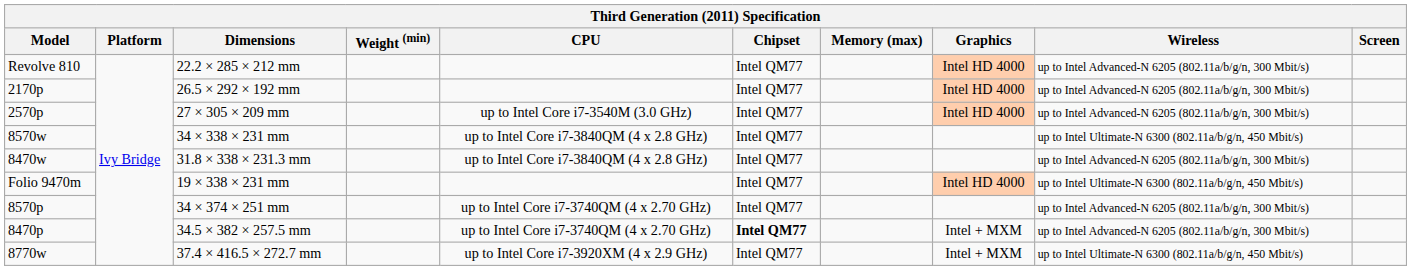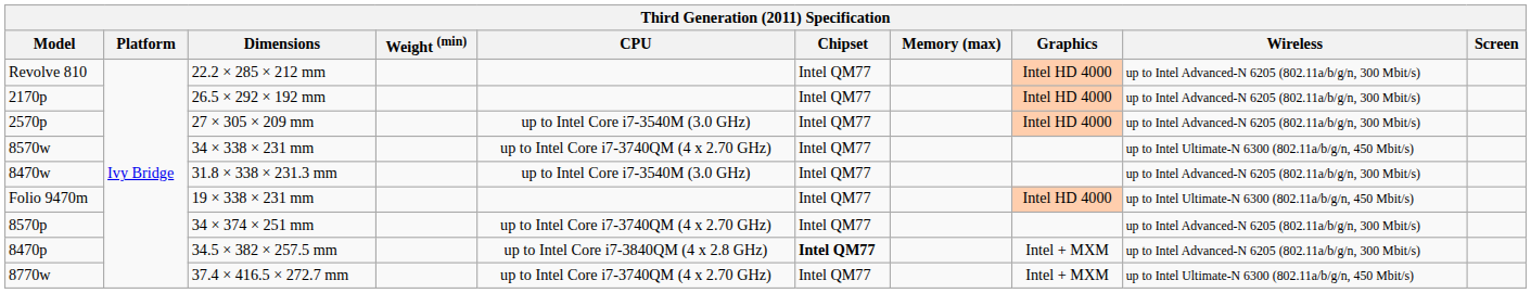 <table class="wikitable mw-collapsible mw-collapsed" style="font-size: 80%; width: 100%;">
 <tr>
 <th colspan="10">Third Generation (2011) Specification</th>
 </tr>
 <tr>
 <th>Model</th>
 <th>Platform</th>
 <th>Dimensions</th>
 <th>Weight <sup>(min)</sup></th>
 <th>CPU</th>
 <th>Chipset</th>
 <th>Memory (max)</th>
 <th>Graphics</th>
 <th>Wireless</th>
 <th>Screen</th>
 </tr>
 <tr>
 <td>Revolve 810</td>
 <td rowspan="9"><a href='#'>Ivy Bridge</a></td>
 <td>22.2 × 285 × 212 mm</td>
 <td></td>
 <td></td>
 <td>Intel QM77</td>
 <td></td>
 <td style="text-align:center;background:#ffcead;">Intel HD 4000</td>
 <td><small>up to Intel Advanced-N 6205 (802.11a/b/g/n, 300 Mbit/s)</small></td>
 <td></td>
 </tr>
 <tr>
 <td>2170p</td>
 <td>26.5 × 292 × 192 mm</td>
 <td></td>
 <td></td>
 <td>Intel QM77</td>
 <td></td>
 <td style="text-align:center;background:#ffcead;">Intel HD 4000</td>
 <td><small>up to Intel Advanced-N 6205 (802.11a/b/g/n, 300 Mbit/s)</small></td>
 <td></td>
 </tr>
 <tr>
 <td>2570p</td>
 <td>27 × 305 × 209 mm</td>
 <td></td>
 <td style="text-align:center;background:">up to Intel Core i7-3540M (3.0 GHz)</td>
 <td>Intel QM77</td>
 <td></td>
 <td style="text-align:center;background:#ffcead;">Intel HD 4000</td>
 <td><small>up to Intel Advanced-N 6205 (802.11a/b/g/n, 300 Mbit/s)</small></td>
 <td></td>
 </tr>
 <tr>
 <td>8570w</td>
 <td>34 × 338 × 231 mm</td>
 <td></td>
-<td style="text-align:center;background:">up to Intel Core i7-3840QM (4 x 2.8 GHz)</td>
+<td style="text-align:center;background:">up to Intel Core i7-3740QM (4 x 2.70 GHz)</td>
 <td>Intel QM77</td>
 <td></td>
 <td></td>
 <td><small>up to Intel Ultimate-N 6300 (802.11a/b/g/n, 450 Mbit/s)</small></td>
 <td></td>
 </tr>
 <tr>
 <td>8470w</td>
 <td>31.8 × 338 × 231.3 mm</td>
 <td></td>
-<td style="text-align:center;background:">up to Intel Core i7-3840QM (4 x 2.8 GHz)</td>
+<td style="text-align:center;background:">up to Intel Core i7-3540M (3.0 GHz)</td>
 <td>Intel QM77</td>
 <td></td>
 <td></td>
 <td><small>up to Intel Advanced-N 6205 (802.11a/b/g/n, 300 Mbit/s)</small></td>
 <td></td>
 </tr>
 <tr>
 <td>Folio 9470m</td>
 <td>19 × 338 × 231 mm</td>
 <td></td>
 <td></td>
 <td>Intel QM77</td>
 <td></td>
 <td style="text-align:center;background:#ffcead;">Intel HD 4000</td>
 <td><small>up to Intel Ultimate-N 6300 (802.11a/b/g/n, 450 Mbit/s)</small></td>
 <td></td>
 </tr>
 <tr>
 <td>8570p</td>
 <td>34 × 374 × 251 mm</td>
 <td></td>
 <td style="text-align:center;background:">up to Intel Core i7-3740QM (4 x 2.70 GHz)</td>
 <td>Intel QM77</td>
 <td></td>
 <td></td>
 <td><small>up to Intel Advanced-N 6205 (802.11a/b/g/n, 300 Mbit/s)</small></td>
 <td></td>
 </tr>
 <tr>
 <td>8470p</td>
 <td>34.5 × 382 × 257.5 mm</td>
 <td></td>
-<td style="text-align:center;background:">up to Intel Core i7-3740QM (4 x 2.70 GHz)</td>
+<td style="text-align:center;background:">up to Intel Core i7-3840QM (4 x 2.8 GHz)</td>
 <td><strong>Intel QM77</strong></td>
 <td></td>
 <td style="text-align:center;background:">Intel + MXM<br></td>
 <td><small>up to Intel Advanced-N 6205 (802.11a/b/g/n, 300 Mbit/s)</small></td>
 <td></td>
 </tr>
 <tr>
 <td>8770w</td>
 <td>37.4 × 416.5 × 272.7 mm</td>
 <td></td>
-<td style="text-align:center;background:">up to Intel Core i7-3920XM (4 x 2.9 GHz)</td>
+<td style="text-align:center;background:">up to Intel Core i7-3740QM (4 x 2.70 GHz)</td>
 <td>Intel QM77</td>
 <td></td>
 <td style="text-align:center;background:">Intel + MXM<br></td>
 <td><small>up to Intel Ultimate-N 6300 (802.11a/b/g/n, 450 Mbit/s)</small></td>
 <td></td>
 </tr>
 </table>
